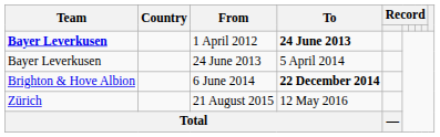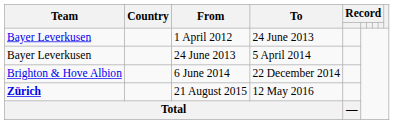 <table class=wikitable style="text-align: center">
 <tr>
 <th rowspan="2">Team</th>
 <th rowspan="2">Country</th>
 <th rowspan="2">From</th>
 <th rowspan="2">To</th>
 <th colspan="5">Record</th>
 <th rowspan="2"></th>
 </tr>
 <tr>
 <th></th>
 <th></th>
 <th></th>
 <th></th>
 <th></th>
 </tr>
 <tr>
-<td align=left><strong><a href='#'>Bayer Leverkusen</a></strong></td>
+<td align=left><a href='#'>Bayer Leverkusen</a></td>
 <td></td>
 <td align=left>1 April 2012</td>
-<td align=left><strong>24 June 2013<br></strong></td>
+<td align=left>24 June 2013<br></td>
 <td></td>
 </tr>
 <tr>
 <td align=left>Bayer Leverkusen</td>
 <td></td>
 <td align=left>24 June 2013</td>
 <td align=left>5 April 2014<br></td>
 <td></td>
 </tr>
 <tr>
 <td align=left><a href='#'>Brighton & Hove Albion</a></td>
 <td></td>
 <td align=left>6 June 2014</td>
-<td align=left><strong>22 December 2014<br></strong></td>
+<td align=left>22 December 2014<br></td>
 <td></td>
 </tr>
 <tr>
-<td align=left><a href='#'>Zürich</a></td>
+<td align=left><strong><a href='#'>Zürich</a></strong></td>
 <td></td>
 <td align=left>21 August 2015</td>
 <td align=left>12 May 2016<br></td>
 <td></td>
 </tr>
 <tr>
 <th colspan="4">Total<br></th>
 <th>—</th>
 </tr>
 </table>
